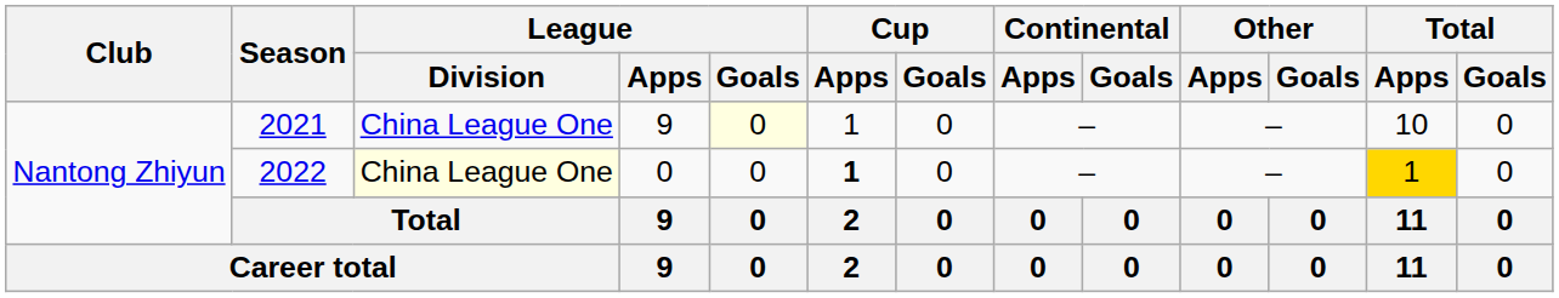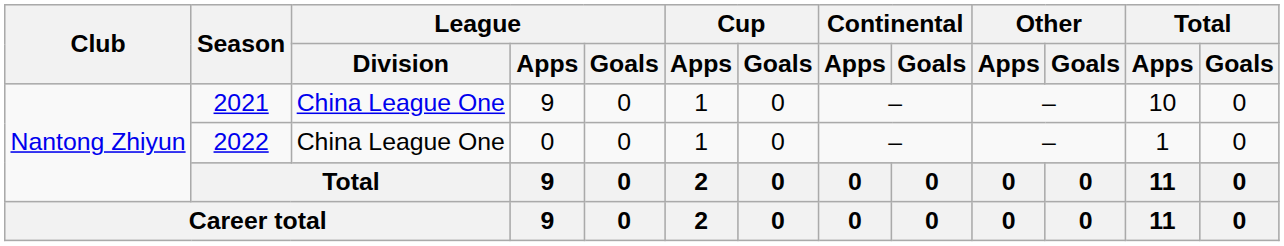 <table class="wikitable" style="text-align: center">
 <tr>
 <th rowspan="2">Club</th>
 <th rowspan="2">Season</th>
 <th colspan="3">League</th>
 <th colspan="2">Cup</th>
 <th colspan="2">Continental</th>
 <th colspan="2">Other</th>
 <th colspan="2">Total</th>
 </tr>
 <tr>
 <th>Division</th>
 <th>Apps</th>
 <th>Goals</th>
 <th>Apps</th>
 <th>Goals</th>
 <th>Apps</th>
 <th>Goals</th>
 <th>Apps</th>
 <th>Goals</th>
 <th>Apps</th>
 <th>Goals</th>
 </tr>
 <tr>
 <td rowspan=3><a href='#'>Nantong Zhiyun</a></td>
 <td><a href='#'>2021</a></td>
 <td><a href='#'>China League One</a></td>
 <td>9</td>
-<td style="background: lightyellow;">0</td>
+<td>0</td>
 <td>1</td>
 <td>0</td>
 <td colspan="2">–</td>
 <td colspan="2">–</td>
 <td>10</td>
 <td>0</td>
 </tr>
 <tr>
 <td><a href='#'>2022</a></td>
-<td style="background: lightyellow;">China League One</td>
+<td>China League One</td>
 <td>0</td>
 <td>0</td>
-<td><strong>1</strong></td>
+<td>1</td>
 <td>0</td>
 <td colspan="2">–</td>
 <td colspan="2">–</td>
-<td style="background: gold;">1</td>
+<td>1</td>
 <td>0</td>
 </tr>
 <tr>
 <th colspan=2>Total</th>
 <th>9</th>
 <th>0</th>
 <th>2</th>
 <th>0</th>
 <th>0</th>
 <th>0</th>
 <th>0</th>
 <th>0</th>
 <th>11</th>
 <th>0</th>
 </tr>
 <tr>
 <th colspan=3>Career total</th>
 <th>9</th>
 <th>0</th>
 <th>2</th>
 <th>0</th>
 <th>0</th>
 <th>0</th>
 <th>0</th>
 <th>0</th>
 <th>11</th>
 <th>0</th>
 </tr>
 </table>
